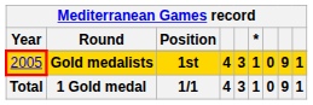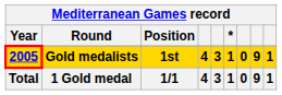 <table class="wikitable" style="text-align: center;">
 <tr>
 <th colspan=9><a href='#'>Mediterranean Games</a> record</th>
 </tr>
 <tr>
 <th>Year</th>
 <th>Round</th>
 <th>Position</th>
 <th></th>
 <th></th>
 <th>*</th>
 <th></th>
 <th></th>
 <th></th>
 </tr>
 <tr>
 </tr>
 <tr style="background:gold;">
-<td style="border: 3px solid red"> <a href='#'>2005</a></td>
+<td style="border: 3px solid red"><strong> <a href='#'>2005</a></strong></td>
 <td><strong>Gold medalists</strong></td>
 <td><strong>1st</strong></td>
 <td><strong>4</strong></td>
 <td><strong>3</strong></td>
 <td><strong>1</strong></td>
 <td><strong>0</strong></td>
 <td><strong>9</strong></td>
 <td><strong>1</strong></td>
 </tr>
 <tr>
 <th>Total</th>
 <th>1 Gold medal</th>
 <th>1/1</th>
 <th>4</th>
 <th>3</th>
 <th>1</th>
 <th>0</th>
 <th>9</th>
 <th>1</th>
 </tr>
 </table>
